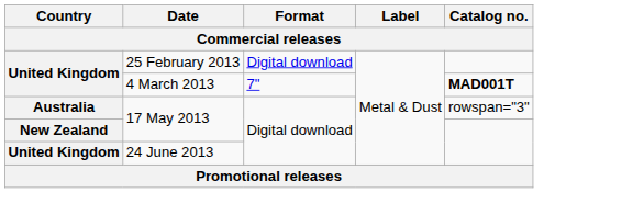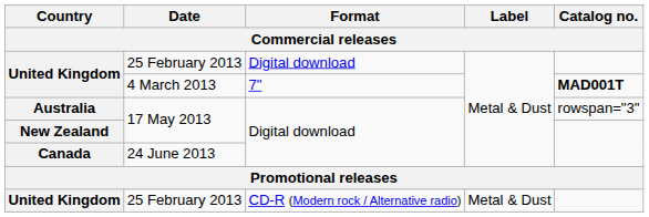 <table class="wikitable plainrowheaders">
 <tr>
 <th scope="col">Country</th>
 <th scope="col">Date</th>
 <th scope="col">Format</th>
 <th scope="col">Label</th>
 <th scope="col">Catalog no.</th>
 </tr>
 <tr>
 <th colspan="5">Commercial releases</th>
 </tr>
 <tr>
 <th scope="row" rowspan="2">United Kingdom</th>
 <td>25 February 2013</td>
 <td><a href='#'>Digital download</a></td>
 <td rowspan="5">Metal & Dust</td>
 <td></td>
 </tr>
 <tr>
 <td>4 March 2013</td>
 <td><a href='#'>7"</a></td>
 <td><strong>MAD001T</strong></td>
 </tr>
 <tr>
 <th scope="row">Australia</th>
 <td rowspan="2">17 May 2013</td>
 <td rowspan="3">Digital download</td>
 <td>rowspan="3" </td>
 </tr>
 <tr>
 <th scope="row">New Zealand</th>
 </tr>
 <tr>
-<th scope="row">United Kingdom</th>
+<th scope="row">Canada</th>
 <td>24 June 2013</td>
 </tr>
 <tr>
 <th colspan="5">Promotional releases</th>
 </tr>
+<tr>
+<th scope="row">United Kingdom</th>
+<td>25 February 2013</td>
+<td><a href='#'>CD-R</a> <small>(<a href='#'>Modern rock / Alternative radio</a>)</small></td>
+<td>Metal & Dust</td>
+<td></td>
+</tr>
 </table>
